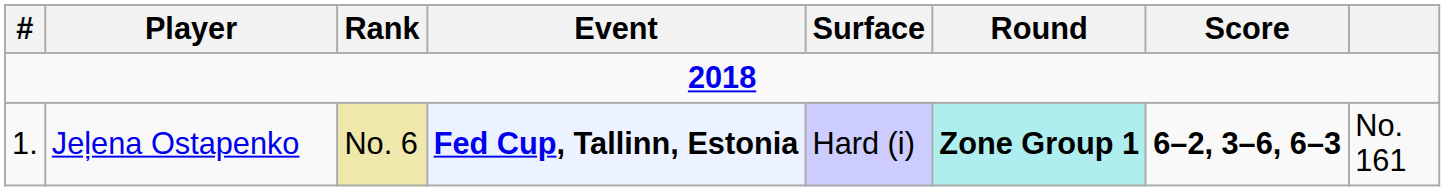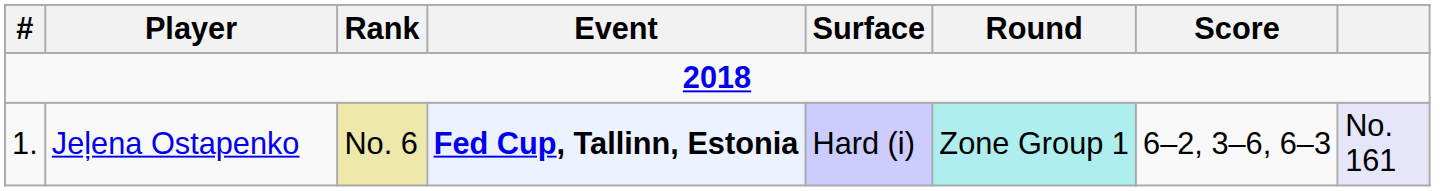 <table class="wikitable sortable">
 <tr>
 <th>#</th>
 <th width=145>Player</th>
 <th width=30>Rank</th>
 <th>Event</th>
 <th>Surface</th>
 <th>Round</th>
 <th>Score</th>
 <th width=40></th>
 </tr>
 <tr>
 <td colspan=8 style=text-align:center><strong><a href='#'>2018</a></strong></td>
 </tr>
 <tr>
 <td>1.</td>
 <td> <a href='#'>Jeļena Ostapenko</a></td>
 <td style="background:#eee8aa;">No. 6</td>
 <td style="background:#ecf2ff;"><strong><a href='#'>Fed Cup</a>, Tallinn, Estonia</strong></td>
 <td style="background:#ccf;">Hard (i)</td>
-<td style="background:#afeeee;"><strong>Zone Group 1</strong></td>
-<td><strong>6–2, 3–6, 6–3</strong></td>
-<td>No. 161</td>
+<td style="background:#afeeee;">Zone Group 1</td>
+<td>6–2, 3–6, 6–3</td>
+<td style="background: lavender;">No. 161</td>
 </tr>
 </table>
